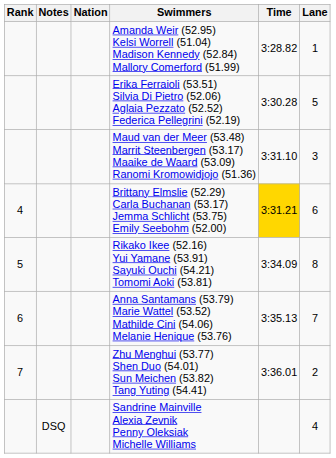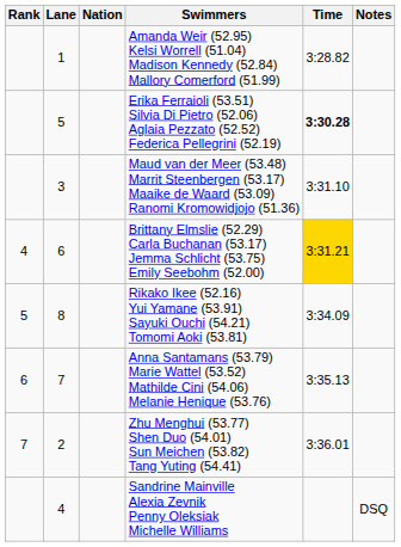 <table class="wikitable sortable" style="text-align:center">
 <tr>
 <th>Rank</th>
-<th>Notes</th>
+<th>Lane</th>
 <th>Nation</th>
 <th>Swimmers</th>
 <th>Time</th>
-<th>Lane</th>
+<th>Notes</th>
 </tr>
 <tr>
 <td></td>
-<td></td>
+<td>1</td>
 <td align=left></td>
 <td align=left><a href='#'>Amanda Weir</a> (52.95) <br> <a href='#'>Kelsi Worrell</a> (51.04) <br> <a href='#'>Madison Kennedy</a> (52.84) <br> <a href='#'>Mallory Comerford</a> (51.99)</td>
 <td>3:28.82</td>
-<td>1</td>
+<td></td>
 </tr>
 <tr>
 <td></td>
-<td></td>
+<td>5</td>
 <td align=left></td>
 <td align=left><a href='#'>Erika Ferraioli</a> (53.51) <br> <a href='#'>Silvia Di Pietro</a> (52.06) <br> <a href='#'>Aglaia Pezzato</a> (52.52) <br> <a href='#'>Federica Pellegrini</a> (52.19)</td>
-<td>3:30.28</td>
-<td>5</td>
+<td><strong>3:30.28</strong></td>
+<td></td>
 </tr>
 <tr>
 <td></td>
-<td></td>
+<td>3</td>
 <td align=left></td>
 <td align=left><a href='#'>Maud van der Meer</a> (53.48) <br> <a href='#'>Marrit Steenbergen</a> (53.17) <br> <a href='#'>Maaike de Waard</a> (53.09) <br> <a href='#'>Ranomi Kromowidjojo</a> (51.36)</td>
 <td>3:31.10</td>
-<td>3</td>
+<td></td>
 </tr>
 <tr>
 <td>4</td>
-<td></td>
+<td>6</td>
 <td align=left></td>
 <td align=left><a href='#'>Brittany Elmslie</a> (52.29) <br> <a href='#'>Carla Buchanan</a> (53.17) <br> <a href='#'>Jemma Schlicht</a> (53.75) <br> <a href='#'>Emily Seebohm</a> (52.00)</td>
 <td style="background: gold;">3:31.21</td>
-<td>6</td>
+<td></td>
 </tr>
 <tr>
 <td>5</td>
-<td></td>
+<td>8</td>
 <td align=left></td>
 <td align=left><a href='#'>Rikako Ikee</a> (52.16) <br> <a href='#'>Yui Yamane</a> (53.91) <br> <a href='#'>Sayuki Ouchi</a> (54.21) <br> <a href='#'>Tomomi Aoki</a> (53.81)</td>
 <td>3:34.09</td>
-<td>8</td>
+<td></td>
 </tr>
 <tr>
 <td>6</td>
-<td></td>
+<td>7</td>
 <td align=left></td>
 <td align=left><a href='#'>Anna Santamans</a> (53.79) <br> <a href='#'>Marie Wattel</a> (53.52) <br> <a href='#'>Mathilde Cini</a> (54.06) <br> <a href='#'>Melanie Henique</a> (53.76)</td>
 <td>3:35.13</td>
-<td>7</td>
+<td></td>
 </tr>
 <tr>
 <td>7</td>
-<td></td>
+<td>2</td>
 <td align=left></td>
 <td align=left><a href='#'>Zhu Menghui</a> (53.77) <br> <a href='#'>Shen Duo</a> (54.01) <br> <a href='#'>Sun Meichen</a> (53.82) <br> <a href='#'>Tang Yuting</a> (54.41)</td>
 <td>3:36.01</td>
-<td>2</td>
+<td></td>
 </tr>
 <tr>
 <td></td>
-<td>DSQ</td>
+<td>4</td>
 <td align=left></td>
 <td align=left><a href='#'>Sandrine Mainville</a> <br> <a href='#'>Alexia Zevnik</a> <br> <a href='#'>Penny Oleksiak</a><br> <a href='#'>Michelle Williams</a></td>
 <td></td>
-<td>4</td>
+<td>DSQ</td>
 </tr>
 </table>
